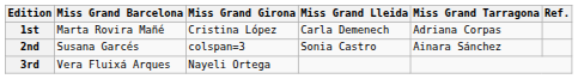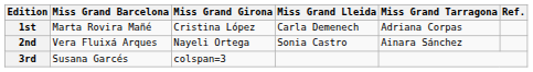 <table class="wikitable defaultcenter" style="font-size:95%;">
 <tr>
 <th>Edition</th>
 <th>Miss Grand Barcelona</th>
 <th>Miss Grand Girona</th>
 <th>Miss Grand Lleida</th>
 <th>Miss Grand Tarragona</th>
 <th>Ref.</th>
 </tr>
 <tr>
 <th>1st</th>
 <td>Marta Rovira Mañé</td>
 <td>Cristina López</td>
 <td>Carla Demenech</td>
 <td>Adriana Corpas</td>
 <td></td>
 </tr>
 <tr>
 <th>2nd</th>
-<td>Susana Garcés</td>
-<td>colspan=3 </td>
+<td>Vera Fluixá Arques</td>
+<td>Nayeli Ortega</td>
 <td>Sonia Castro</td>
 <td>Ainara Sánchez</td>
 <td></td>
 </tr>
 <tr>
 <th>3rd</th>
-<td>Vera Fluixá Arques</td>
-<td>Nayeli Ortega</td>
+<td>Susana Garcés</td>
+<td>colspan=3 </td>
 <td></td>
 </tr>
 </table>
